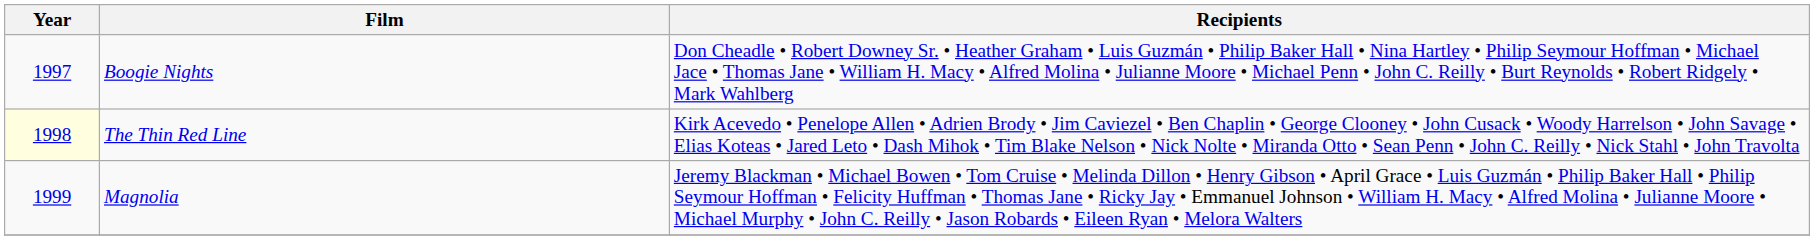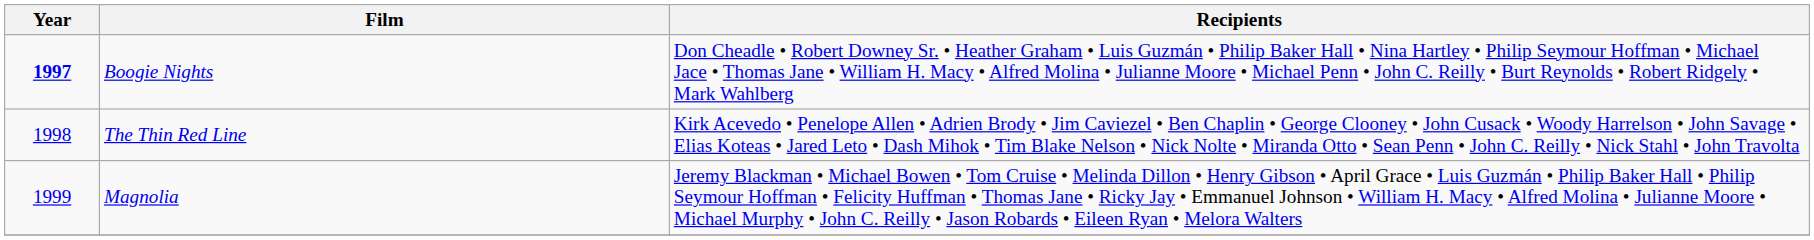 <table class="wikitable" width="95%" cellpadding="5">
 <tr>
 <th width="5%">Year</th>
 <th width="30%">Film</th>
 <th width="60%">Recipients</th>
 </tr>
 <tr>
-<td style="text-align:center;"><a href='#'>1997</a></td>
+<td style="text-align:center;"><strong><a href='#'>1997</a></strong></td>
 <td><em><a href='#'>Boogie Nights</a></em></td>
 <td><a href='#'>Don Cheadle</a> • <a href='#'>Robert Downey Sr.</a> • <a href='#'>Heather Graham</a> • <a href='#'>Luis Guzmán</a> • <a href='#'>Philip Baker Hall</a> • <a href='#'>Nina Hartley</a> • <a href='#'>Philip Seymour Hoffman</a> • <a href='#'>Michael Jace</a> • <a href='#'>Thomas Jane</a> • <a href='#'>William H. Macy</a> • <a href='#'>Alfred Molina</a> • <a href='#'>Julianne Moore</a> • <a href='#'>Michael Penn</a> • <a href='#'>John C. Reilly</a> • <a href='#'>Burt Reynolds</a> • <a href='#'>Robert Ridgely</a> • <a href='#'>Mark Wahlberg</a></td>
 </tr>
 <tr>
-<td style="background: lightyellow; text-align:center;"><a href='#'>1998</a></td>
+<td style="text-align:center;"><a href='#'>1998</a></td>
 <td><em><a href='#'>The Thin Red Line</a></em></td>
 <td><a href='#'>Kirk Acevedo</a> • <a href='#'>Penelope Allen</a> • <a href='#'>Adrien Brody</a> • <a href='#'>Jim Caviezel</a> • <a href='#'>Ben Chaplin</a> • <a href='#'>George Clooney</a> • <a href='#'>John Cusack</a> • <a href='#'>Woody Harrelson</a> • <a href='#'>John Savage</a> • <a href='#'>Elias Koteas</a> • <a href='#'>Jared Leto</a> • <a href='#'>Dash Mihok</a> • <a href='#'>Tim Blake Nelson</a> • <a href='#'>Nick Nolte</a> • <a href='#'>Miranda Otto</a> • <a href='#'>Sean Penn</a> • <a href='#'>John C. Reilly</a> • <a href='#'>Nick Stahl</a> • <a href='#'>John Travolta</a></td>
 </tr>
 <tr>
 <td style="text-align:center;"><a href='#'>1999</a></td>
 <td><em><a href='#'>Magnolia</a></em></td>
 <td><a href='#'>Jeremy Blackman</a> • <a href='#'>Michael Bowen</a> • <a href='#'>Tom Cruise</a> • <a href='#'>Melinda Dillon</a> • <a href='#'>Henry Gibson</a> • April Grace • <a href='#'>Luis Guzmán</a> • <a href='#'>Philip Baker Hall</a> • <a href='#'>Philip Seymour Hoffman</a> • <a href='#'>Felicity Huffman</a> • <a href='#'>Thomas Jane</a> • <a href='#'>Ricky Jay</a> • Emmanuel Johnson • <a href='#'>William H. Macy</a> • <a href='#'>Alfred Molina</a> • <a href='#'>Julianne Moore</a> • <a href='#'>Michael Murphy</a> • <a href='#'>John C. Reilly</a> • <a href='#'>Jason Robards</a> • <a href='#'>Eileen Ryan</a> • <a href='#'>Melora Walters</a></td>
 </tr>
 <tr>
 </tr>
 </table>
